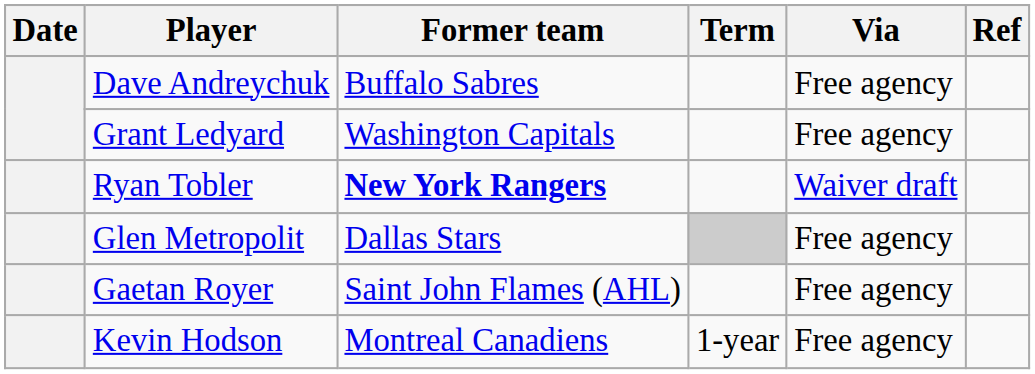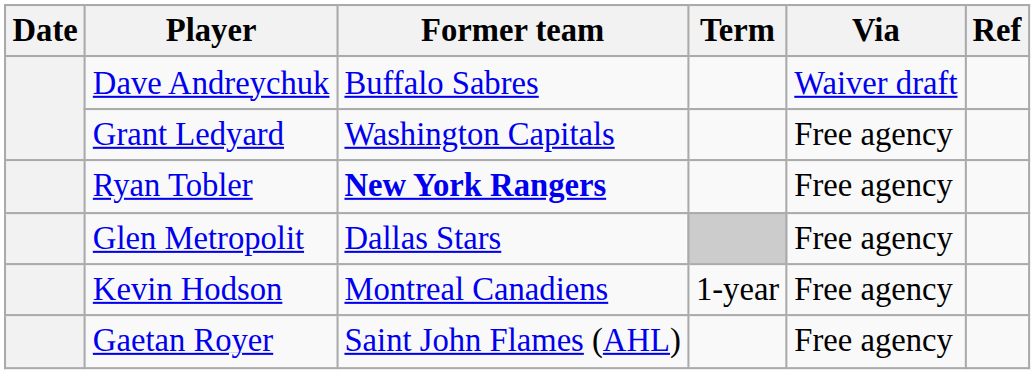 <table class="wikitable plainrowheaders">
 <tr style="background:#ddd; text-align:center;">
 <th>Date</th>
 <th>Player</th>
 <th>Former team</th>
 <th>Term</th>
 <th>Via</th>
 <th>Ref</th>
 </tr>
 <tr>
 <th scope="row" rowspan=2></th>
 <td><a href='#'>Dave Andreychuk</a></td>
 <td><a href='#'>Buffalo Sabres</a></td>
 <td></td>
-<td>Free agency</td>
+<td><a href='#'>Waiver draft</a></td>
 <td></td>
 </tr>
 <tr>
 <td><a href='#'>Grant Ledyard</a></td>
 <td><a href='#'>Washington Capitals</a></td>
 <td></td>
 <td>Free agency</td>
 <td></td>
 </tr>
 <tr>
 <th scope="row"></th>
 <td><a href='#'>Ryan Tobler</a></td>
 <td><strong><a href='#'>New York Rangers</a></strong></td>
 <td></td>
-<td><a href='#'>Waiver draft</a></td>
+<td>Free agency</td>
 <td></td>
 </tr>
 <tr>
 <th scope="row"></th>
 <td><a href='#'>Glen Metropolit</a></td>
 <td><a href='#'>Dallas Stars</a></td>
 <td style="background:#ccc"></td>
 <td>Free agency</td>
 <td></td>
 </tr>
 <tr>
 <th scope="row"></th>
+<td><a href='#'>Kevin Hodson</a></td>
+<td><a href='#'>Montreal Canadiens</a></td>
+<td>1-year</td>
+<td>Free agency</td>
+<td></td>
+</tr>
+<tr>
+<th scope="row"></th>
 <td><a href='#'>Gaetan Royer</a></td>
 <td><a href='#'>Saint John Flames</a> (<a href='#'>AHL</a>)</td>
 <td></td>
 <td>Free agency</td>
 <td></td>
 </tr>
-<tr>
-<th scope="row"></th>
-<td><a href='#'>Kevin Hodson</a></td>
-<td><a href='#'>Montreal Canadiens</a></td>
-<td>1-year</td>
-<td>Free agency</td>
-<td></td>
-</tr>
 </table>
